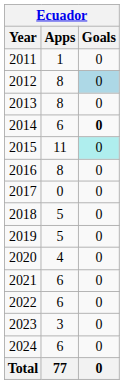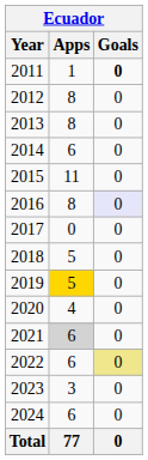 <table class="wikitable" style="text-align:center">
 <tr>
 <th colspan=3><a href='#'>Ecuador</a></th>
 </tr>
 <tr>
 <th>Year</th>
 <th>Apps</th>
 <th>Goals</th>
 </tr>
 <tr>
 <td>2011</td>
 <td>1</td>
-<td>0</td>
+<td><strong>0</strong></td>
 </tr>
 <tr>
 <td>2012</td>
 <td>8</td>
-<td style="background: lightblue;">0</td>
+<td>0</td>
 </tr>
 <tr>
 <td>2013</td>
 <td>8</td>
 <td>0</td>
 </tr>
 <tr>
 <td>2014</td>
 <td>6</td>
-<td><strong>0</strong></td>
+<td>0</td>
 </tr>
 <tr>
 <td>2015</td>
 <td>11</td>
-<td style="background: paleturquoise;">0</td>
+<td>0</td>
 </tr>
 <tr>
 <td>2016</td>
 <td>8</td>
-<td>0</td>
+<td style="background: lavender;">0</td>
 </tr>
 <tr>
 <td>2017</td>
 <td>0</td>
 <td>0</td>
 </tr>
 <tr>
 <td>2018</td>
 <td>5</td>
 <td>0</td>
 </tr>
 <tr>
 <td>2019</td>
-<td>5</td>
+<td style="background: gold;">5</td>
 <td>0</td>
 </tr>
 <tr>
 <td>2020</td>
 <td>4</td>
 <td>0</td>
 </tr>
 <tr>
 <td>2021</td>
-<td>6</td>
+<td style="background: lightgrey;">6</td>
 <td>0</td>
 </tr>
 <tr>
 <td>2022</td>
 <td>6</td>
-<td>0</td>
+<td style="background: khaki;">0</td>
 </tr>
 <tr>
 <td>2023</td>
 <td>3</td>
 <td>0</td>
 </tr>
 <tr>
 <td>2024</td>
 <td>6</td>
 <td>0</td>
 </tr>
 <tr>
 <th>Total</th>
 <th>77</th>
 <th>0</th>
 </tr>
 </table>
